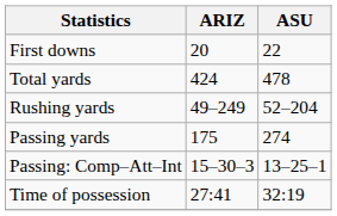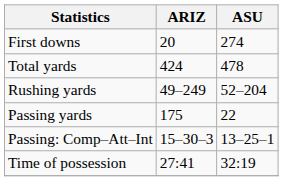 <table class="wikitable" style="float: left;">
 <tr>
 <th>Statistics</th>
 <th>ARIZ</th>
 <th>ASU</th>
 </tr>
 <tr>
 <td>First downs</td>
 <td>20</td>
-<td>22</td>
+<td>274</td>
 </tr>
 <tr>
 <td>Total yards</td>
 <td>424</td>
 <td>478</td>
 </tr>
 <tr>
 <td>Rushing yards</td>
 <td>49–249</td>
 <td>52–204</td>
 </tr>
 <tr>
 <td>Passing yards</td>
 <td>175</td>
-<td>274</td>
+<td>22</td>
 </tr>
 <tr>
 <td>Passing: Comp–Att–Int</td>
 <td>15–30–3</td>
 <td>13–25–1</td>
 </tr>
 <tr>
 <td>Time of possession</td>
 <td>27:41</td>
 <td>32:19</td>
 </tr>
 <tr>
 </tr>
 </table>
